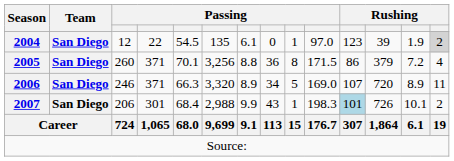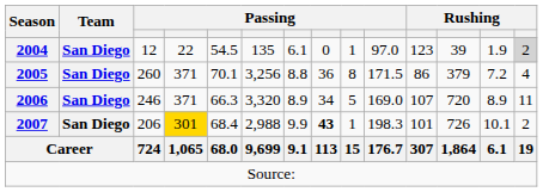 <table class="wikitable" style="text-align:center;">
 <tr>
 <th rowspan="2">Season</th>
 <th rowspan="2">Team</th>
 <th colspan="8">Passing</th>
 <th colspan="4">Rushing</th>
 </tr>
 <tr>
 <th></th>
 <th></th>
 <th></th>
 <th></th>
 <th></th>
 <th></th>
 <th></th>
 <th></th>
 <th></th>
 <th></th>
 <th></th>
 <th></th>
 </tr>
 <tr>
 <th><a href='#'>2004</a></th>
 <th><a href='#'>San Diego</a></th>
 <td>12</td>
 <td>22</td>
 <td>54.5</td>
 <td>135</td>
 <td>6.1</td>
 <td>0</td>
 <td>1</td>
 <td>97.0</td>
 <td>123</td>
 <td>39</td>
 <td>1.9</td>
 <td style="background: lightgrey;">2</td>
 </tr>
 <tr>
 <th><a href='#'>2005</a></th>
 <th><a href='#'>San Diego</a></th>
 <td>260</td>
 <td>371</td>
 <td>70.1</td>
 <td>3,256</td>
 <td>8.8</td>
 <td>36</td>
 <td>8</td>
 <td>171.5</td>
 <td>86</td>
 <td>379</td>
 <td>7.2</td>
 <td>4</td>
 </tr>
 <tr>
 <th><a href='#'>2006</a></th>
 <th><a href='#'>San Diego</a></th>
 <td>246</td>
 <td>371</td>
 <td>66.3</td>
 <td>3,320</td>
 <td>8.9</td>
 <td>34</td>
 <td>5</td>
 <td>169.0</td>
 <td>107</td>
 <td>720</td>
 <td>8.9</td>
 <td>11</td>
 </tr>
 <tr>
 <th><a href='#'>2007</a></th>
 <th>San Diego</th>
 <td>206</td>
-<td>301</td>
+<td style="background: gold;">301</td>
 <td>68.4</td>
 <td>2,988</td>
 <td>9.9</td>
-<td>43</td>
+<td><strong>43</strong></td>
 <td>1</td>
 <td>198.3</td>
-<td style="background: lightblue;">101</td>
+<td>101</td>
 <td>726</td>
 <td>10.1</td>
 <td>2</td>
 </tr>
 <tr>
 <th colspan="2">Career</th>
 <th>724</th>
 <th>1,065</th>
 <th>68.0</th>
 <th>9,699</th>
 <th>9.1</th>
 <th>113</th>
 <th>15</th>
 <th>176.7</th>
 <th>307</th>
 <th>1,864</th>
 <th>6.1</th>
 <th>19</th>
 </tr>
 <tr>
 <td colspan="14">Source:</td>
 </tr>
 </table>
